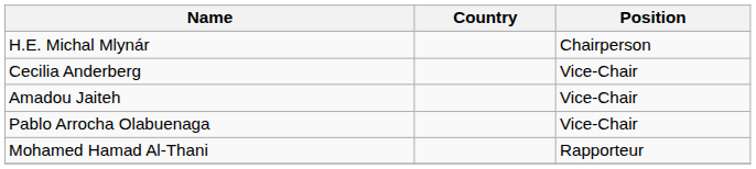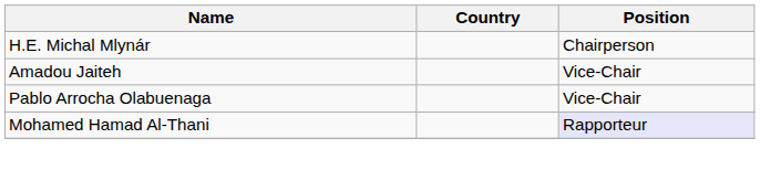 <table class="wikitable" style="display: inline-table; width: 45%">
 <tr>
 <th>Name</th>
 <th>Country</th>
 <th>Position</th>
 </tr>
 <tr>
 <td>H.E. Michal Mlynár</td>
 <td></td>
 <td>Chairperson</td>
-</tr>
-<tr>
-<td>Cecilia Anderberg</td>
-<td></td>
-<td>Vice-Chair</td>
 </tr>
 <tr>
 <td>Amadou Jaiteh</td>
 <td></td>
 <td>Vice-Chair</td>
 </tr>
 <tr>
 <td>Pablo Arrocha Olabuenaga</td>
 <td></td>
 <td>Vice-Chair</td>
 </tr>
 <tr>
 <td>Mohamed Hamad Al-Thani</td>
 <td></td>
-<td>Rapporteur</td>
+<td style="background: lavender;">Rapporteur</td>
 </tr>
 <tr>
 </tr>
 </table>
